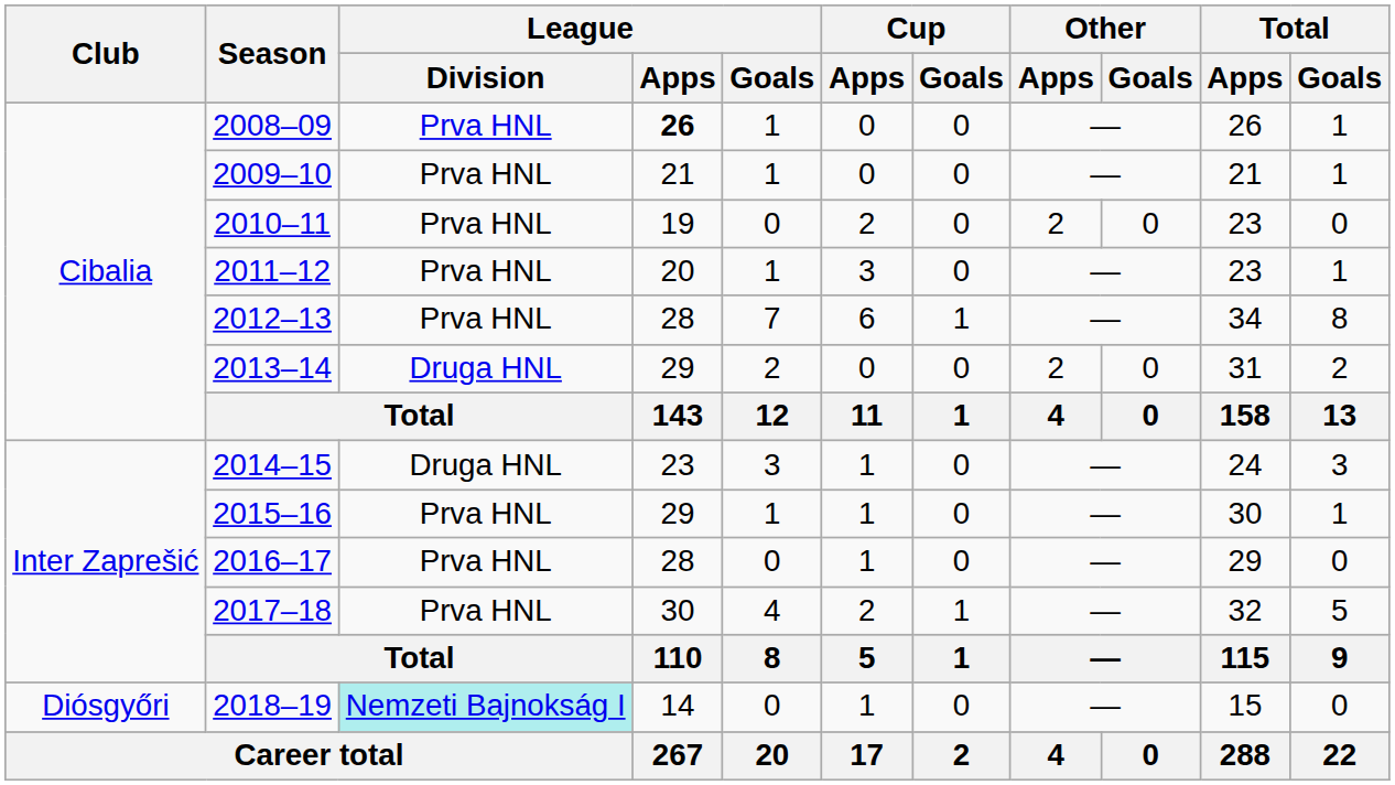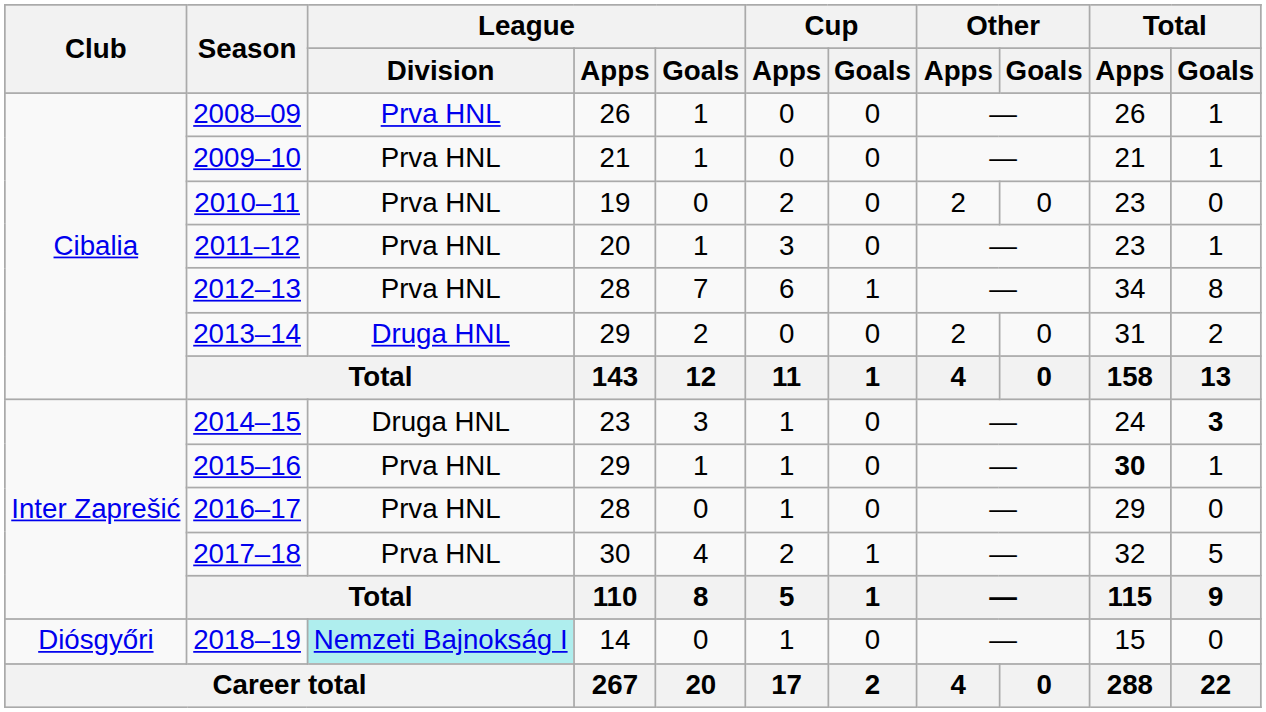 <table class="wikitable" style="text-align: center;">
 <tr>
 <th rowspan="2">Club</th>
 <th rowspan="2">Season</th>
 <th colspan="3">League</th>
 <th colspan="2">Cup</th>
 <th colspan="2">Other</th>
 <th colspan="2">Total</th>
 </tr>
 <tr>
 <th>Division</th>
 <th>Apps</th>
 <th>Goals</th>
 <th>Apps</th>
 <th>Goals</th>
 <th>Apps</th>
 <th>Goals</th>
 <th>Apps</th>
 <th>Goals</th>
 </tr>
 <tr>
 <td rowspan="7"><a href='#'>Cibalia</a></td>
 <td><a href='#'>2008–09</a></td>
 <td><a href='#'>Prva HNL</a></td>
-<td><strong>26</strong></td>
+<td>26</td>
 <td>1</td>
 <td>0</td>
 <td>0</td>
 <td colspan="2">—</td>
 <td>26</td>
 <td>1</td>
 </tr>
 <tr>
 <td><a href='#'>2009–10</a></td>
 <td>Prva HNL</td>
 <td>21</td>
 <td>1</td>
 <td>0</td>
 <td>0</td>
 <td colspan="2">—</td>
 <td>21</td>
 <td>1</td>
 </tr>
 <tr>
 <td><a href='#'>2010–11</a></td>
 <td>Prva HNL</td>
 <td>19</td>
 <td>0</td>
 <td>2</td>
 <td>0</td>
 <td>2</td>
 <td>0</td>
 <td>23</td>
 <td>0</td>
 </tr>
 <tr>
 <td><a href='#'>2011–12</a></td>
 <td>Prva HNL</td>
 <td>20</td>
 <td>1</td>
 <td>3</td>
 <td>0</td>
 <td colspan="2">—</td>
 <td>23</td>
 <td>1</td>
 </tr>
 <tr>
 <td><a href='#'>2012–13</a></td>
 <td>Prva HNL</td>
 <td>28</td>
 <td>7</td>
 <td>6</td>
 <td>1</td>
 <td colspan="2">—</td>
 <td>34</td>
 <td>8</td>
 </tr>
 <tr>
 <td><a href='#'>2013–14</a></td>
 <td><a href='#'>Druga HNL</a></td>
 <td>29</td>
 <td>2</td>
 <td>0</td>
 <td>0</td>
 <td>2</td>
 <td>0</td>
 <td>31</td>
 <td>2</td>
 </tr>
 <tr>
 <th colspan="2">Total</th>
 <th>143</th>
 <th>12</th>
 <th>11</th>
 <th>1</th>
 <th>4</th>
 <th>0</th>
 <th>158</th>
 <th>13</th>
 </tr>
 <tr>
 <td rowspan="5"><a href='#'>Inter Zaprešić</a></td>
 <td><a href='#'>2014–15</a></td>
 <td>Druga HNL</td>
 <td>23</td>
 <td>3</td>
 <td>1</td>
 <td>0</td>
 <td colspan="2">—</td>
 <td>24</td>
-<td>3</td>
+<td><strong>3</strong></td>
 </tr>
 <tr>
 <td><a href='#'>2015–16</a></td>
 <td>Prva HNL</td>
 <td>29</td>
 <td>1</td>
 <td>1</td>
 <td>0</td>
 <td colspan="2">—</td>
-<td>30</td>
+<td><strong>30</strong></td>
 <td>1</td>
 </tr>
 <tr>
 <td><a href='#'>2016–17</a></td>
 <td>Prva HNL</td>
 <td>28</td>
 <td>0</td>
 <td>1</td>
 <td>0</td>
 <td colspan="2">—</td>
 <td>29</td>
 <td>0</td>
 </tr>
 <tr>
 <td><a href='#'>2017–18</a></td>
 <td>Prva HNL</td>
 <td>30</td>
 <td>4</td>
 <td>2</td>
 <td>1</td>
 <td colspan="2">—</td>
 <td>32</td>
 <td>5</td>
 </tr>
 <tr>
 <th colspan="2">Total</th>
 <th>110</th>
 <th>8</th>
 <th>5</th>
 <th>1</th>
 <th colspan="2">—</th>
 <th>115</th>
 <th>9</th>
 </tr>
 <tr>
 <td><a href='#'>Diósgyőri</a></td>
 <td><a href='#'>2018–19</a></td>
 <td style="background: paleturquoise;"><a href='#'>Nemzeti Bajnokság I</a></td>
 <td>14</td>
 <td>0</td>
 <td>1</td>
 <td>0</td>
 <td colspan="2">—</td>
 <td>15</td>
 <td>0</td>
 </tr>
 <tr>
 <th colspan="3">Career total</th>
 <th>267</th>
 <th>20</th>
 <th>17</th>
 <th>2</th>
 <th>4</th>
 <th>0</th>
 <th>288</th>
 <th>22</th>
 </tr>
 </table>
